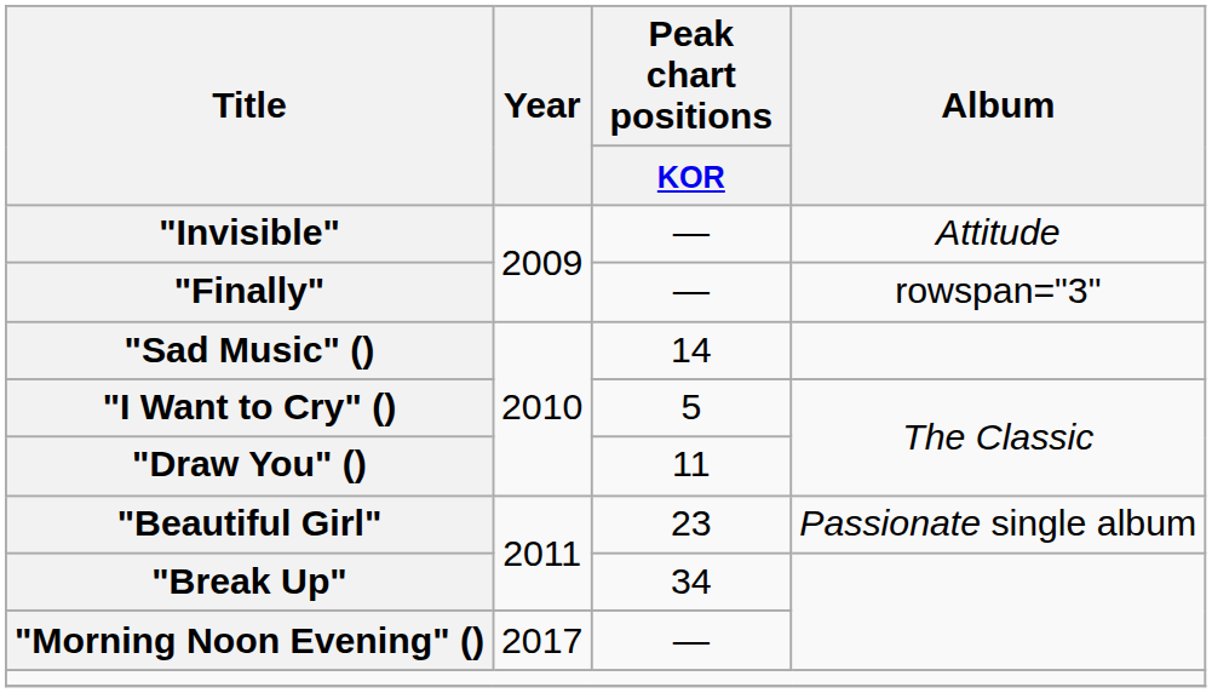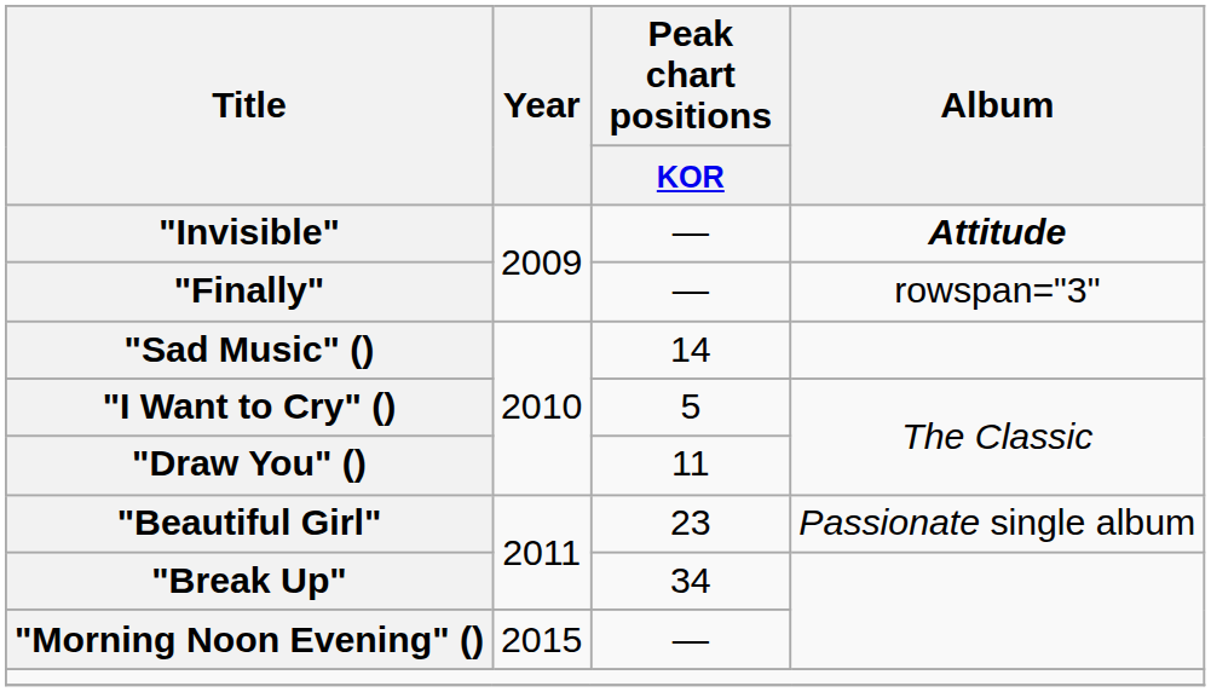 <table class="wikitable plainrowheaders" style="text-align:center;">
 <tr>
 <th rowspan="2" scope="col">Title</th>
 <th rowspan="2" scope="col">Year</th>
 <th colspan="1" scope="col" style="width:5em;">Peak chart positions</th>
 <th rowspan="2" scope="col">Album</th>
 </tr>
 <tr>
 <th><small><a href='#'>KOR</a></small><br></th>
 </tr>
 <tr>
 <th scope="row">"Invisible"<br></th>
 <td rowspan="2">2009</td>
 <td>—</td>
-<td><em>Attitude</em></td>
+<td><strong><em>Attitude</em></strong></td>
 </tr>
 <tr>
 <th scope="row">"Finally"<br></th>
 <td>—</td>
 <td>rowspan="3" </td>
 </tr>
 <tr>
 <th scope="row">"Sad Music" ()<br></th>
 <td rowspan="3">2010</td>
 <td>14</td>
 <td></td>
 </tr>
 <tr>
 <th scope="row">"I Want to Cry" ()<br></th>
 <td>5</td>
 <td rowspan="2"><em>The Classic</em></td>
 </tr>
 <tr>
 <th scope="row">"Draw You" ()<br></th>
 <td>11</td>
 </tr>
 <tr>
 <th scope="row">"Beautiful Girl"<br></th>
 <td rowspan="2">2011</td>
 <td>23</td>
 <td><em>Passionate</em> single album</td>
 </tr>
 <tr>
 <th scope="row">"Break Up" <br></th>
 <td>34</td>
 </tr>
 <tr>
 <th scope="row">"Morning Noon Evening" ()<br></th>
-<td>2017</td>
+<td>2015</td>
 <td>—</td>
 </tr>
 <tr>
 <td colspan="4"></td>
 </tr>
 <tr>
 </tr>
 </table>
